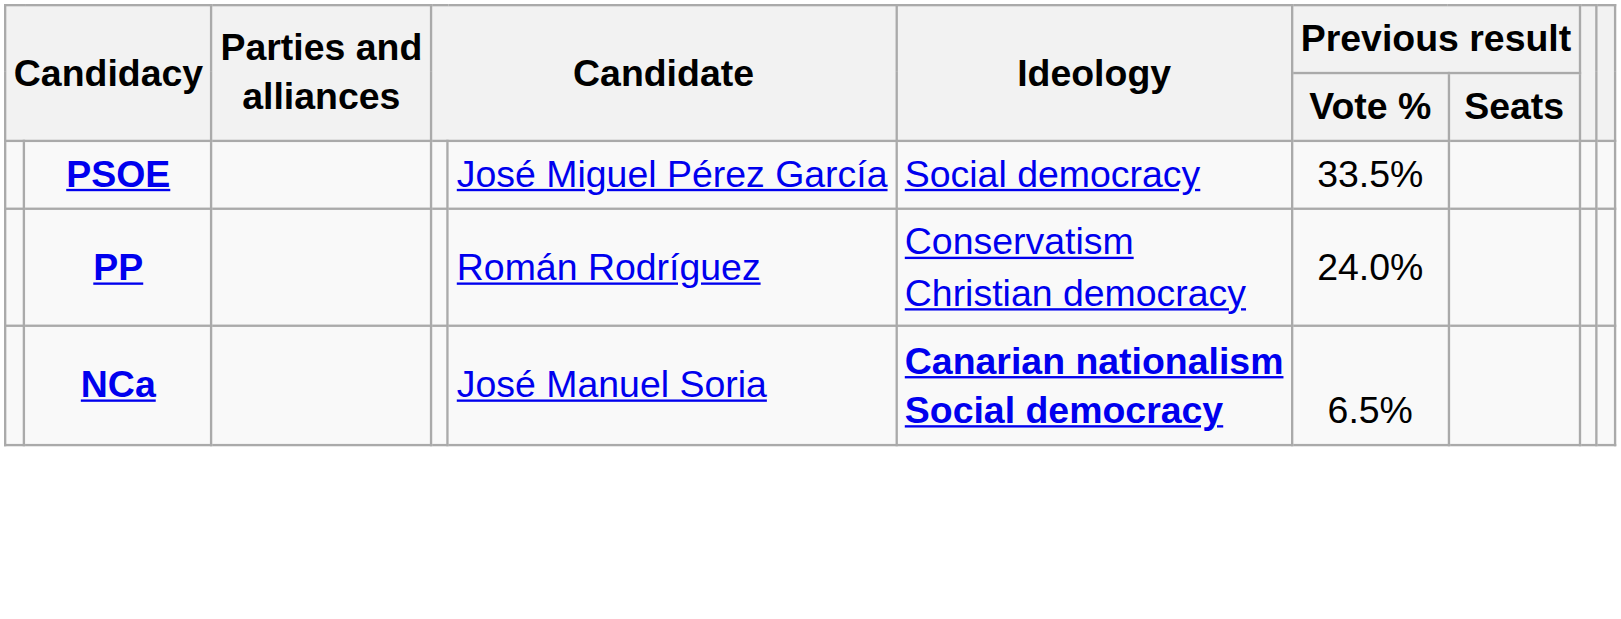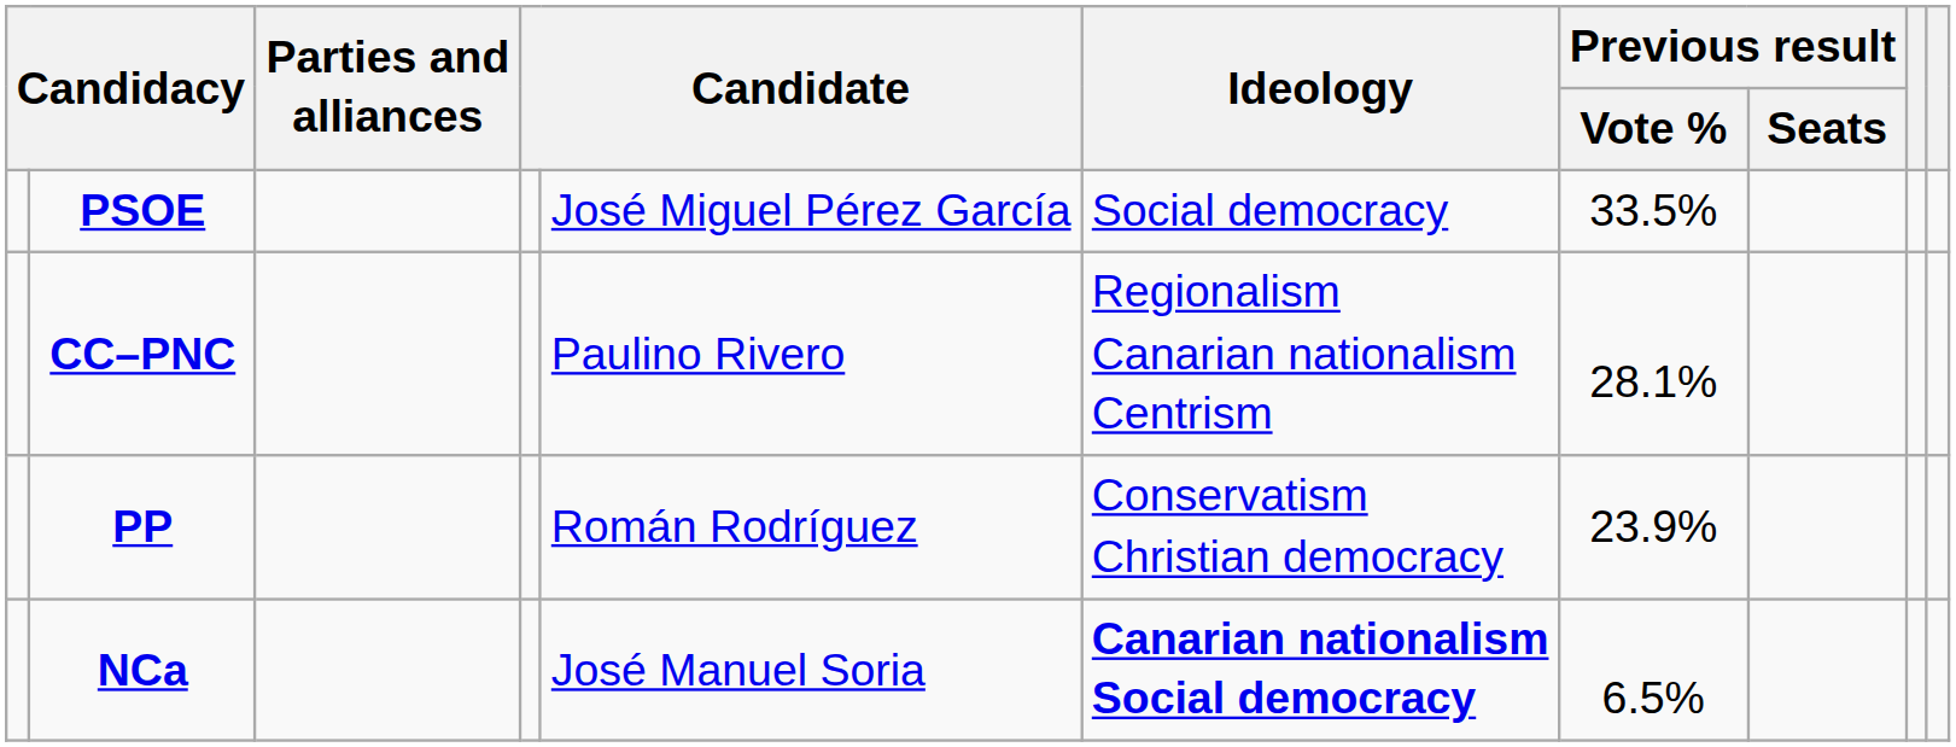 <table class="wikitable" style="line-height:1.35em; text-align:left;">
 <tr>
 <th colspan="2" rowspan="2">Candidacy</th>
 <th rowspan="2">Parties and<br>alliances</th>
 <th colspan="2" rowspan="2">Candidate</th>
 <th rowspan="2">Ideology</th>
 <th colspan="2">Previous result</th>
 <th rowspan="2"></th>
 <th rowspan="2"></th>
 </tr>
 <tr>
 <th>Vote %</th>
 <th>Seats</th>
 </tr>
 <tr>
 <td width="1" style="color:inherit;background:"></td>
 <td align="center"><strong><a href='#'>PSOE</a></strong></td>
 <td></td>
 <td></td>
 <td><a href='#'>José Miguel Pérez García</a></td>
 <td><a href='#'>Social democracy</a></td>
 <td align="center">33.5%</td>
 <td></td>
 <td></td>
 <td></td>
 </tr>
 <tr>
 <td style="color:inherit;background:"></td>
+<td align="center"><strong><a href='#'>CC–PNC</a></strong></td>
+<td></td>
+<td></td>
+<td><a href='#'>Paulino Rivero</a></td>
+<td><a href='#'>Regionalism</a><br><a href='#'>Canarian nationalism</a><br><a href='#'>Centrism</a></td>
+<td align="center"><br>28.1%<br></td>
+<td></td>
+<td></td>
+<td></td>
+</tr>
+<tr>
+<td style="color:inherit;background:"></td>
 <td align="center"><strong><a href='#'>PP</a></strong></td>
 <td></td>
 <td></td>
 <td><a href='#'>Román Rodríguez</a></td>
 <td><a href='#'>Conservatism</a><br><a href='#'>Christian democracy</a></td>
-<td align="center">24.0%</td>
+<td align="center">23.9%</td>
 <td></td>
 <td></td>
 <td></td>
 </tr>
 <tr>
 <td style="color:inherit;background:"></td>
 <td align="center"><strong><a href='#'>NCa</a></strong></td>
 <td></td>
 <td></td>
 <td><a href='#'>José Manuel Soria</a></td>
 <td><strong><a href='#'>Canarian nationalism</a><br><a href='#'>Social democracy</a></strong></td>
 <td align="center"><br>6.5%<br></td>
 <td></td>
 <td></td>
 <td></td>
 </tr>
 </table>
